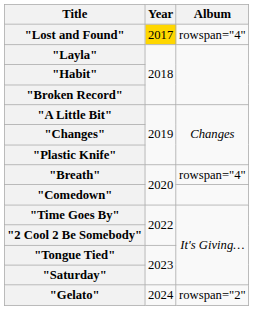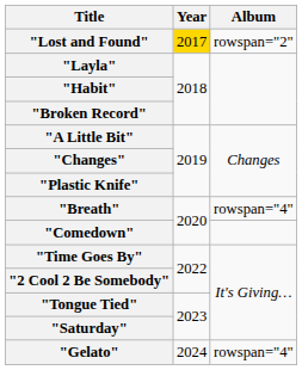 <table class="wikitable plainrowheaders" style="text-align:center;">
 <tr>
 <th scope="col">Title</th>
 <th scope="col">Year</th>
 <th scope="col">Album</th>
 </tr>
 <tr>
 <th scope="row">"Lost and Found"</th>
 <td style="background: gold;">2017</td>
-<td>rowspan="4" </td>
+<td>rowspan="2" </td>
 </tr>
 <tr>
 <th scope="row">"Layla"</th>
 <td rowspan="3">2018</td>
 </tr>
 <tr>
 <th scope="row">"Habit"</th>
 </tr>
 <tr>
 <th scope="row">"Broken Record"</th>
 </tr>
 <tr>
 <th scope="row">"A Little Bit"</th>
 <td rowspan="3">2019</td>
 <td rowspan="3"><em>Changes</em></td>
 </tr>
 <tr>
 <th scope="row">"Changes"</th>
 </tr>
 <tr>
 <th scope="row">"Plastic Knife"</th>
 </tr>
 <tr>
 <th scope="row">"Breath"</th>
 <td rowspan="2">2020</td>
 <td>rowspan="4" </td>
 </tr>
 <tr>
 <th scope="row">"Comedown"</th>
 </tr>
 <tr>
 <th scope="row">"Time Goes By"</th>
 <td rowspan="2">2022</td>
 <td rowspan="4"><em>It's Giving…</em></td>
 </tr>
 <tr>
 <th scope="row">"2 Cool 2 Be Somebody"</th>
 </tr>
 <tr>
 <th scope="row">"Tongue Tied"</th>
 <td rowspan="2">2023</td>
 </tr>
 <tr>
 <th scope="row">"Saturday"</th>
 </tr>
 <tr>
 <th scope="row">"Gelato"</th>
 <td rowspan="2">2024</td>
-<td>rowspan="2" </td>
+<td>rowspan="4" </td>
 </tr>
 </table>
